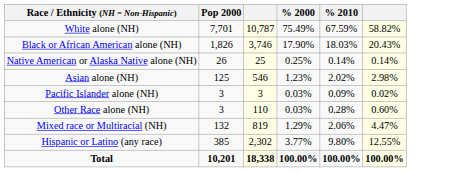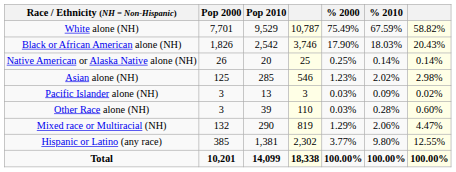 <table class="wikitable" style="text-align:center;">
 <tr>
 <th>Race / Ethnicity <small>(<em>NH = Non-Hispanic</em>)</small></th>
 <th>Pop 2000</th>
+<th>Pop 2010</th>
 <th></th>
 <th>% 2000</th>
 <th>% 2010</th>
 <th></th>
 </tr>
 <tr>
 <td><a href='#'>White</a> alone (NH)</td>
 <td>7,701</td>
+<td>9,529</td>
 <td style='background: #ffffe6;'>10,787</td>
 <td>75.49%</td>
 <td>67.59%</td>
 <td style='background: #ffffe6;'>58.82%</td>
 </tr>
 <tr>
 <td><a href='#'>Black or African American</a> alone (NH)</td>
 <td>1,826</td>
+<td>2,542</td>
 <td style='background: #ffffe6;'>3,746</td>
 <td>17.90%</td>
 <td>18.03%</td>
 <td style='background: #ffffe6;'>20.43%</td>
 </tr>
 <tr>
 <td><a href='#'>Native American</a> or <a href='#'>Alaska Native</a> alone (NH)</td>
 <td>26</td>
+<td>20</td>
 <td style='background: #ffffe6;'>25</td>
 <td>0.25%</td>
 <td>0.14%</td>
 <td style='background: #ffffe6;'>0.14%</td>
 </tr>
 <tr>
 <td><a href='#'>Asian</a> alone (NH)</td>
 <td>125</td>
+<td>285</td>
 <td style='background: #ffffe6;'>546</td>
 <td>1.23%</td>
 <td>2.02%</td>
 <td style='background: #ffffe6;'>2.98%</td>
 </tr>
 <tr>
 <td><a href='#'>Pacific Islander</a> alone (NH)</td>
 <td>3</td>
+<td>13</td>
 <td style='background: #ffffe6;'>3</td>
 <td>0.03%</td>
 <td>0.09%</td>
 <td style='background: #ffffe6;'>0.02%</td>
 </tr>
 <tr>
 <td><a href='#'>Other Race</a> alone (NH)</td>
 <td>3</td>
+<td>39</td>
 <td style='background: #ffffe6;'>110</td>
 <td>0.03%</td>
 <td>0.28%</td>
 <td style='background: #ffffe6;'>0.60%</td>
 </tr>
 <tr>
 <td><a href='#'>Mixed race or Multiracial</a> (NH)</td>
 <td>132</td>
+<td>290</td>
 <td style='background: #ffffe6;'>819</td>
 <td>1.29%</td>
 <td>2.06%</td>
 <td style='background: #ffffe6;'>4.47%</td>
 </tr>
 <tr>
 <td><a href='#'>Hispanic or Latino</a> (any race)</td>
 <td>385</td>
+<td>1,381</td>
 <td style='background: #ffffe6;'>2,302</td>
 <td>3.77%</td>
 <td>9.80%</td>
 <td style='background: #ffffe6;'>12.55%</td>
 </tr>
 <tr>
 <td><strong>Total</strong></td>
 <td><strong>10,201</strong></td>
+<td><strong>14,099</strong></td>
 <td style='background: #ffffe6;'><strong>18,338</strong></td>
 <td><strong>100.00%</strong></td>
 <td><strong>100.00%</strong></td>
 <td style='background: #ffffe6;'><strong>100.00%</strong></td>
 </tr>
 </table>
